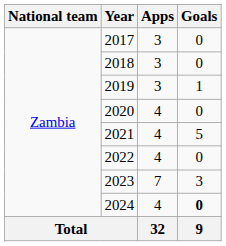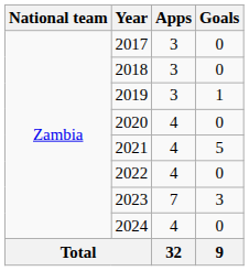 <table class="wikitable" style="text-align: center;">
 <tr>
 <th>National team</th>
 <th>Year</th>
 <th>Apps</th>
 <th>Goals</th>
 </tr>
 <tr>
 <td rowspan="8"><a href='#'>Zambia</a></td>
 <td>2017</td>
 <td>3</td>
 <td>0</td>
 </tr>
 <tr>
 <td>2018</td>
 <td>3</td>
 <td>0</td>
 </tr>
 <tr>
 <td>2019</td>
 <td>3</td>
 <td>1</td>
 </tr>
 <tr>
 <td>2020</td>
 <td>4</td>
 <td>0</td>
 </tr>
 <tr>
 <td>2021</td>
 <td>4</td>
 <td>5</td>
 </tr>
 <tr>
 <td>2022</td>
 <td>4</td>
 <td>0</td>
 </tr>
 <tr>
 <td>2023</td>
 <td>7</td>
 <td>3</td>
 </tr>
 <tr>
 <td>2024</td>
 <td>4</td>
-<td><strong>0</strong></td>
+<td>0</td>
 </tr>
 <tr>
 <th colspan="2">Total</th>
 <th>32</th>
 <th>9</th>
 </tr>
 </table>
